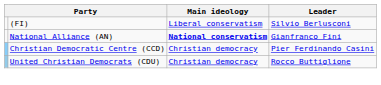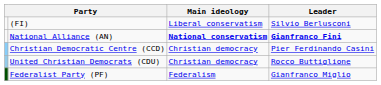 <table class=wikitable style=text-align:left>
 <tr>
 <th colspan=2>Party</th>
 <th>Main ideology</th>
 <th>Leader</th>
 </tr>
 <tr>
 <td></td>
 <td> (FI)</td>
 <td><a href='#'>Liberal conservatism</a></td>
 <td><a href='#'>Silvio Berlusconi</a></td>
 </tr>
 <tr>
 <td></td>
 <td><a href='#'>National Alliance</a> (AN)</td>
 <td><strong><a href='#'>National conservatism</a></strong></td>
-<td><a href='#'>Gianfranco Fini</a></td>
+<td><strong><a href='#'>Gianfranco Fini</a></strong></td>
 </tr>
 <tr>
 <td bgcolor="#87cefa"></td>
 <td><a href='#'>Christian Democratic Centre</a> (CCD)</td>
 <td><a href='#'>Christian democracy</a></td>
 <td><a href='#'>Pier Ferdinando Casini</a></td>
 </tr>
 <tr>
 <td bgcolor="#93ccea"></td>
 <td><a href='#'>United Christian Democrats</a> (CDU)</td>
 <td><a href='#'>Christian democracy</a></td>
 <td><a href='#'>Rocco Buttiglione</a></td>
 </tr>
+<tr>
+<td bgcolor="#005000"></td>
+<td><a href='#'>Federalist Party</a> (PF)</td>
+<td><a href='#'>Federalism</a></td>
+<td><a href='#'>Gianfranco Miglio</a></td>
+</tr>
 </table>
